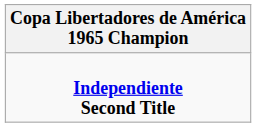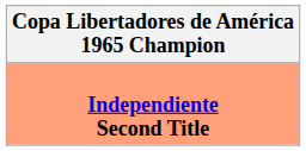 <table class="wikitable" style="text-align: center; margin: 0 auto;">
 <tr>
 <th>Copa Libertadores de América<br>1965 Champion</th>
 </tr>
 <tr>
-<td><br><strong><a href='#'>Independiente</a></strong><br><strong>Second Title</strong></td>
+<td style="background: lightsalmon;"><br><strong><a href='#'>Independiente</a></strong><br><strong>Second Title</strong></td>
 </tr>
 </table>
